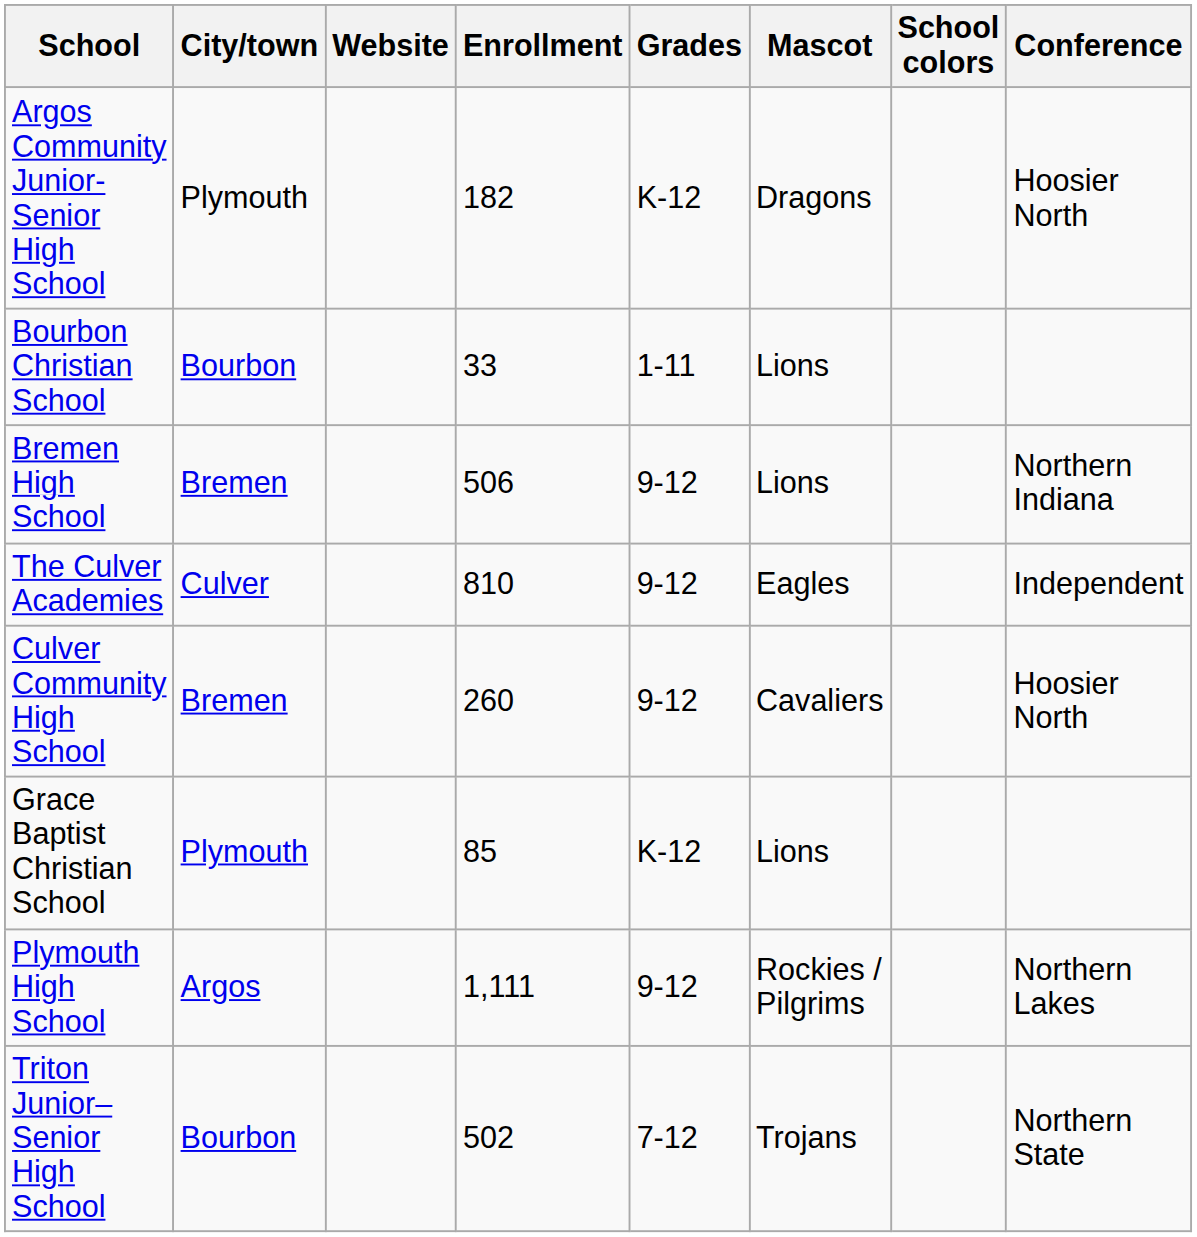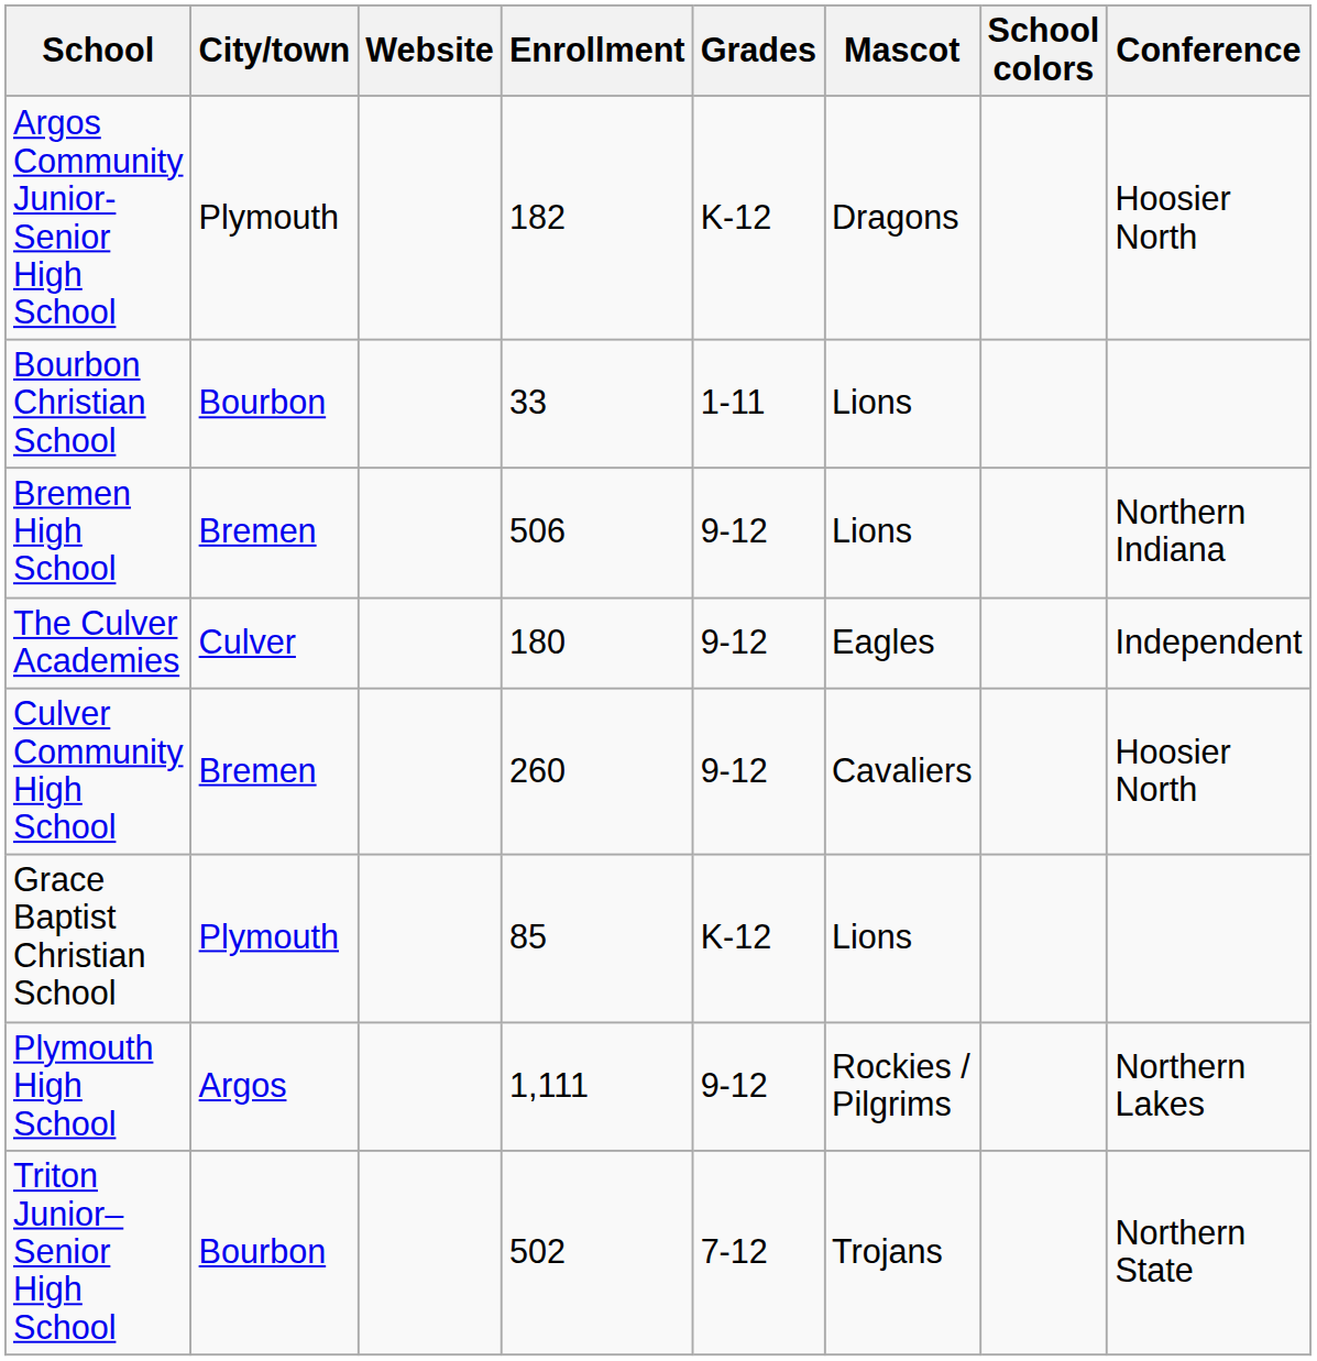 <table class="wikitable sortable" width="70%">
 <tr>
 <th width="20%">School</th>
 <th width="08%">City/town</th>
 <th width="06%">Website</th>
 <th width="04%">Enrollment</th>
 <th width="04%">Grades</th>
 <th width="04%">Mascot</th>
 <th width=01%>School colors</th>
 <th width="04%">Conference</th>
 </tr>
 <tr>
 <td><a href='#'>Argos Community Junior-Senior High School</a></td>
 <td>Plymouth</td>
 <td></td>
 <td>182</td>
 <td>K-12</td>
 <td>Dragons</td>
 <td> </td>
 <td>Hoosier North</td>
 </tr>
 <tr>
 <td><a href='#'>Bourbon Christian School</a></td>
 <td><a href='#'>Bourbon</a></td>
 <td> </td>
 <td>33</td>
 <td>1-11</td>
 <td>Lions</td>
 <td></td>
 <td></td>
 </tr>
 <tr>
 <td><a href='#'>Bremen High School</a></td>
 <td><a href='#'>Bremen</a></td>
 <td></td>
 <td>506</td>
 <td>9-12</td>
 <td>Lions</td>
 <td> </td>
 <td>Northern Indiana</td>
 </tr>
 <tr>
 <td><a href='#'>The Culver Academies</a></td>
 <td><a href='#'>Culver</a></td>
 <td></td>
-<td>810</td>
+<td>180</td>
 <td>9-12</td>
 <td>Eagles</td>
 <td> </td>
 <td>Independent</td>
 </tr>
 <tr>
 <td><a href='#'>Culver Community High School</a></td>
 <td><a href='#'>Bremen</a></td>
 <td></td>
 <td>260</td>
 <td>9-12</td>
 <td>Cavaliers</td>
 <td>  </td>
 <td>Hoosier North</td>
 </tr>
 <tr>
 <td>Grace Baptist Christian School</td>
 <td><a href='#'>Plymouth</a></td>
 <td></td>
 <td>85</td>
 <td>K-12</td>
 <td>Lions</td>
 <td> </td>
 <td></td>
 </tr>
 <tr>
 <td><a href='#'>Plymouth High School</a></td>
 <td><a href='#'>Argos</a></td>
 <td></td>
 <td>1,111</td>
 <td>9-12</td>
 <td>Rockies / Pilgrims</td>
 <td> </td>
 <td>Northern Lakes</td>
 </tr>
 <tr>
 <td><a href='#'>Triton Junior–Senior High School</a></td>
 <td><a href='#'>Bourbon</a></td>
 <td></td>
 <td>502</td>
 <td>7-12</td>
 <td>Trojans</td>
 <td> </td>
 <td>Northern State</td>
 </tr>
 </table>
